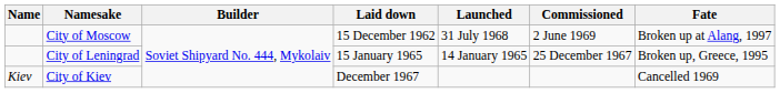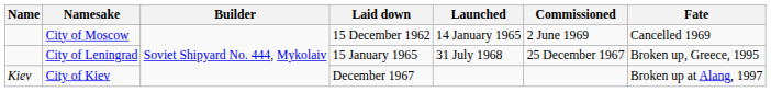 <table class="wikitable">
 <tr>
 <th>Name</th>
 <th>Namesake</th>
 <th>Builder</th>
 <th>Laid down</th>
 <th>Launched</th>
 <th>Commissioned</th>
 <th>Fate</th>
 </tr>
 <tr>
 <td></td>
 <td><a href='#'>City of Moscow</a></td>
 <td rowspan=3><a href='#'>Soviet Shipyard No. 444</a>, <a href='#'>Mykolaiv</a></td>
 <td>15 December 1962</td>
-<td>31 July 1968</td>
+<td>14 January 1965</td>
 <td>2 June 1969</td>
-<td>Broken up at <a href='#'>Alang</a>, 1997</td>
+<td>Cancelled 1969</td>
 </tr>
 <tr>
 <td></td>
 <td><a href='#'>City of Leningrad</a></td>
 <td>15 January 1965</td>
-<td>14 January 1965</td>
+<td>31 July 1968</td>
 <td>25 December 1967</td>
 <td>Broken up, Greece, 1995</td>
 </tr>
 <tr>
 <td><em>Kiev</em></td>
 <td><a href='#'>City of Kiev</a></td>
 <td>December 1967</td>
 <td></td>
 <td></td>
-<td>Cancelled 1969</td>
+<td>Broken up at <a href='#'>Alang</a>, 1997</td>
 </tr>
 </table>
